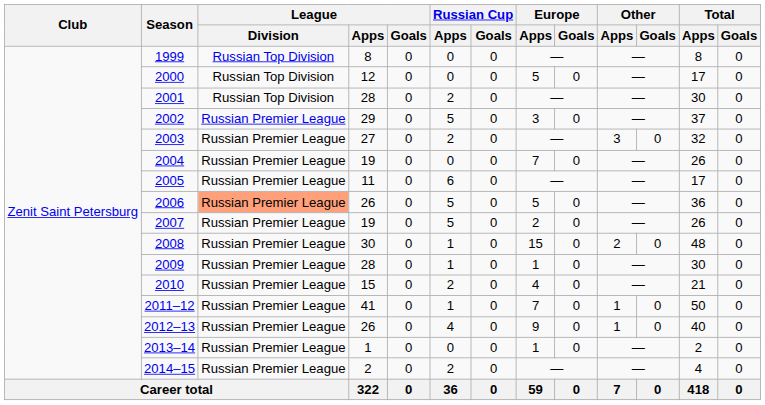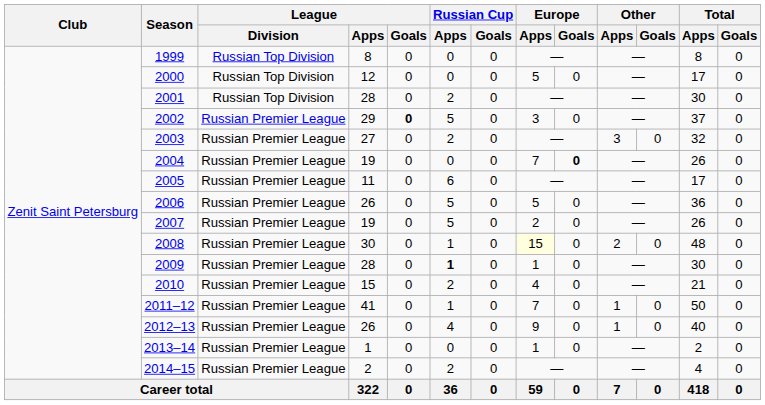 <table class="wikitable" style="text-align:center;">
 <tr>
 <th rowspan="2">Club</th>
 <th rowspan="2">Season</th>
 <th colspan="3">League</th>
 <th colspan="2"><a href='#'>Russian Cup</a></th>
 <th colspan="2">Europe</th>
 <th colspan="2">Other</th>
 <th colspan="2">Total</th>
 </tr>
 <tr>
 <th>Division</th>
 <th>Apps</th>
 <th>Goals</th>
 <th>Apps</th>
 <th>Goals</th>
 <th>Apps</th>
 <th>Goals</th>
 <th>Apps</th>
 <th>Goals</th>
 <th>Apps</th>
 <th>Goals</th>
 </tr>
 <tr>
 <td rowspan="16" valign="center"><a href='#'>Zenit Saint Petersburg</a></td>
 <td><a href='#'>1999</a></td>
 <td><a href='#'>Russian Top Division</a></td>
 <td>8</td>
 <td>0</td>
 <td>0</td>
 <td>0</td>
 <td colspan="2">—</td>
 <td colspan="2">—</td>
 <td>8</td>
 <td>0</td>
 </tr>
 <tr>
 <td><a href='#'>2000</a></td>
 <td>Russian Top Division</td>
 <td>12</td>
 <td>0</td>
 <td>0</td>
 <td>0</td>
 <td>5</td>
 <td>0</td>
 <td colspan="2">—</td>
 <td>17</td>
 <td>0</td>
 </tr>
 <tr>
 <td><a href='#'>2001</a></td>
 <td>Russian Top Division</td>
 <td>28</td>
 <td>0</td>
 <td>2</td>
 <td>0</td>
 <td colspan="2">—</td>
 <td colspan="2">—</td>
 <td>30</td>
 <td>0</td>
 </tr>
 <tr>
 <td><a href='#'>2002</a></td>
 <td><a href='#'>Russian Premier League</a></td>
 <td>29</td>
-<td>0</td>
+<td><strong>0</strong></td>
 <td>5</td>
 <td>0</td>
 <td>3</td>
 <td>0</td>
 <td colspan="2">—</td>
 <td>37</td>
 <td>0</td>
 </tr>
 <tr>
 <td><a href='#'>2003</a></td>
 <td>Russian Premier League</td>
 <td>27</td>
 <td>0</td>
 <td>2</td>
 <td>0</td>
 <td colspan="2">—</td>
 <td>3</td>
 <td>0</td>
 <td>32</td>
 <td>0</td>
 </tr>
 <tr>
 <td><a href='#'>2004</a></td>
 <td>Russian Premier League</td>
 <td>19</td>
 <td>0</td>
 <td>0</td>
 <td>0</td>
 <td>7</td>
-<td>0</td>
+<td><strong>0</strong></td>
 <td colspan="2">—</td>
 <td>26</td>
 <td>0</td>
 </tr>
 <tr>
 <td><a href='#'>2005</a></td>
 <td>Russian Premier League</td>
 <td>11</td>
 <td>0</td>
 <td>6</td>
 <td>0</td>
 <td colspan="2">—</td>
 <td colspan="2">—</td>
 <td>17</td>
 <td>0</td>
 </tr>
 <tr>
 <td><a href='#'>2006</a></td>
-<td style="background: lightsalmon;">Russian Premier League</td>
+<td>Russian Premier League</td>
 <td>26</td>
 <td>0</td>
 <td>5</td>
 <td>0</td>
 <td>5</td>
 <td>0</td>
 <td colspan="2">—</td>
 <td>36</td>
 <td>0</td>
 </tr>
 <tr>
 <td><a href='#'>2007</a></td>
 <td>Russian Premier League</td>
 <td>19</td>
 <td>0</td>
 <td>5</td>
 <td>0</td>
 <td>2</td>
 <td>0</td>
 <td colspan="2">—</td>
 <td>26</td>
 <td>0</td>
 </tr>
 <tr>
 <td><a href='#'>2008</a></td>
 <td>Russian Premier League</td>
 <td>30</td>
 <td>0</td>
 <td>1</td>
 <td>0</td>
-<td>15</td>
+<td style="background: lightyellow;">15</td>
 <td>0</td>
 <td>2</td>
 <td>0</td>
 <td>48</td>
 <td>0</td>
 </tr>
 <tr>
 <td><a href='#'>2009</a></td>
 <td>Russian Premier League</td>
 <td>28</td>
 <td>0</td>
-<td>1</td>
+<td><strong>1</strong></td>
 <td>0</td>
 <td>1</td>
 <td>0</td>
 <td colspan="2">—</td>
 <td>30</td>
 <td>0</td>
 </tr>
 <tr>
 <td><a href='#'>2010</a></td>
 <td>Russian Premier League</td>
 <td>15</td>
 <td>0</td>
 <td>2</td>
 <td>0</td>
 <td>4</td>
 <td>0</td>
 <td colspan="2">—</td>
 <td>21</td>
 <td>0</td>
 </tr>
 <tr>
 <td><a href='#'>2011–12</a></td>
 <td>Russian Premier League</td>
 <td>41</td>
 <td>0</td>
 <td>1</td>
 <td>0</td>
 <td>7</td>
 <td>0</td>
 <td>1</td>
 <td>0</td>
 <td>50</td>
 <td>0</td>
 </tr>
 <tr>
 <td><a href='#'>2012–13</a></td>
 <td>Russian Premier League</td>
 <td>26</td>
 <td>0</td>
 <td>4</td>
 <td>0</td>
 <td>9</td>
 <td>0</td>
 <td>1</td>
 <td>0</td>
 <td>40</td>
 <td>0</td>
 </tr>
 <tr>
 <td><a href='#'>2013–14</a></td>
 <td>Russian Premier League</td>
 <td>1</td>
 <td>0</td>
 <td>0</td>
 <td>0</td>
 <td>1</td>
 <td>0</td>
 <td colspan="2">—</td>
 <td>2</td>
 <td>0</td>
 </tr>
 <tr>
 <td><a href='#'>2014–15</a></td>
 <td>Russian Premier League</td>
 <td>2</td>
 <td>0</td>
 <td>2</td>
 <td>0</td>
 <td colspan="2">—</td>
 <td colspan="2">—</td>
 <td>4</td>
 <td>0</td>
 </tr>
 <tr>
 <th colspan="3">Career total</th>
 <th>322</th>
 <th>0</th>
 <th>36</th>
 <th>0</th>
 <th>59</th>
 <th>0</th>
 <th>7</th>
 <th>0</th>
 <th>418</th>
 <th>0</th>
 </tr>
 </table>
